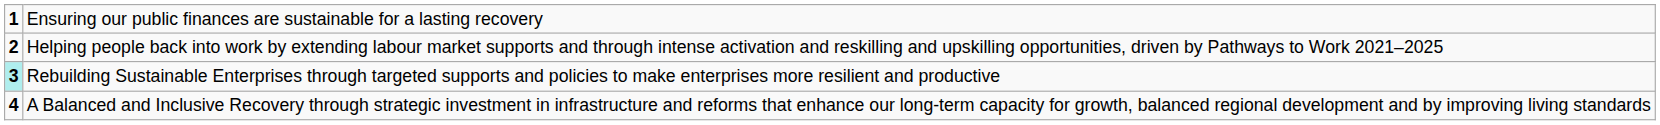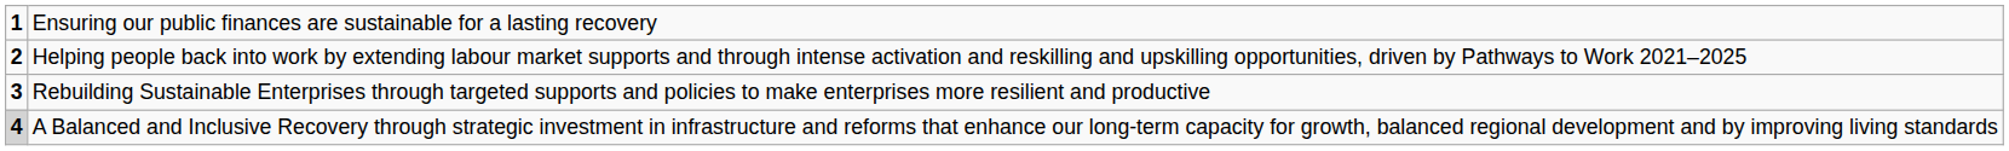 <table class="wikitable" style="text-align:left; font-size:97%">
 <tr>
 <td style="text-align:center;"><strong>1</strong></td>
 <td>Ensuring our public finances are sustainable for a lasting recovery</td>
 </tr>
 <tr>
 <td style="text-align:center;"><strong>2</strong></td>
 <td>Helping people back into work by extending labour market supports and through intense activation and reskilling and upskilling opportunities, driven by Pathways to Work 2021–2025</td>
 </tr>
 <tr>
-<td style="background: paleturquoise; text-align:center;"><strong>3</strong></td>
+<td style="text-align:center;"><strong>3</strong></td>
 <td>Rebuilding Sustainable Enterprises through targeted supports and policies to make enterprises more resilient and productive</td>
 </tr>
 <tr>
-<td style="text-align:center;"><strong>4</strong></td>
+<td style="background: lightgrey; text-align:center;"><strong>4</strong></td>
 <td>A Balanced and Inclusive Recovery through strategic investment in infrastructure and reforms that enhance our long-term capacity for growth, balanced regional development and by improving living standards</td>
 </tr>
 </table>
